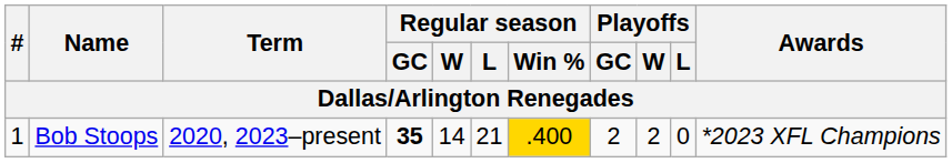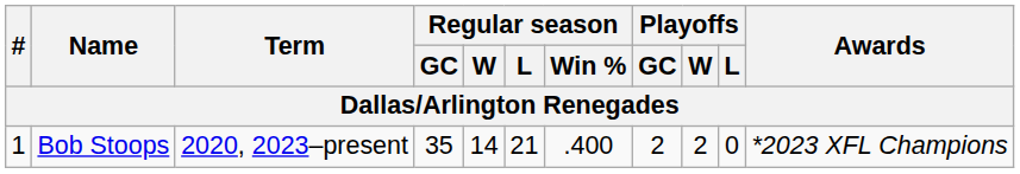 <table class="wikitable" style="text-align:center">
 <tr>
 <th rowspan="2">#</th>
 <th rowspan="2">Name</th>
 <th rowspan="2">Term</th>
 <th colspan="4">Regular season</th>
 <th colspan="3">Playoffs</th>
 <th rowspan="2">Awards</th>
 </tr>
 <tr>
 <th>GC</th>
 <th>W</th>
 <th>L</th>
 <th>Win %</th>
 <th>GC</th>
 <th>W</th>
 <th>L</th>
 </tr>
 <tr>
 <th colspan="11">Dallas/Arlington Renegades</th>
 </tr>
 <tr>
 <td>1</td>
 <td><a href='#'>Bob Stoops</a></td>
 <td><a href='#'>2020</a>, <a href='#'>2023</a>–present</td>
-<td><strong>35</strong></td>
+<td>35</td>
 <td>14</td>
 <td>21</td>
-<td style="background: gold;">.400</td>
+<td>.400</td>
 <td>2</td>
 <td>2</td>
 <td>0</td>
 <td><em>*2023 XFL Champions</em></td>
 </tr>
 </table>
